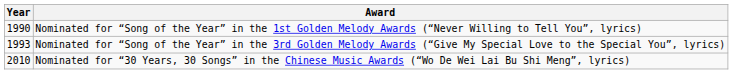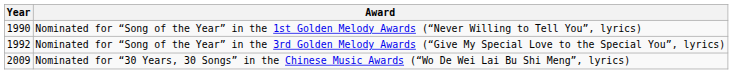 <table class="wikitable">
 <tr>
 <th>Year</th>
 <th>Award</th>
 </tr>
 <tr>
 <td>1990</td>
 <td>Nominated for “Song of the Year” in the <a href='#'>1st Golden Melody Awards</a> (“Never Willing to Tell You”, lyrics)</td>
 </tr>
 <tr>
-<td>1993</td>
+<td>1992</td>
 <td>Nominated for “Song of the Year” in the <a href='#'>3rd Golden Melody Awards</a> (“Give My Special Love to the Special You”, lyrics)</td>
 </tr>
 <tr>
-<td>2010</td>
+<td>2009</td>
 <td>Nominated for “30 Years, 30 Songs” in the <a href='#'>Chinese Music Awards</a> (“Wo De Wei Lai Bu Shi Meng”, lyrics)</td>
 </tr>
 </table>
